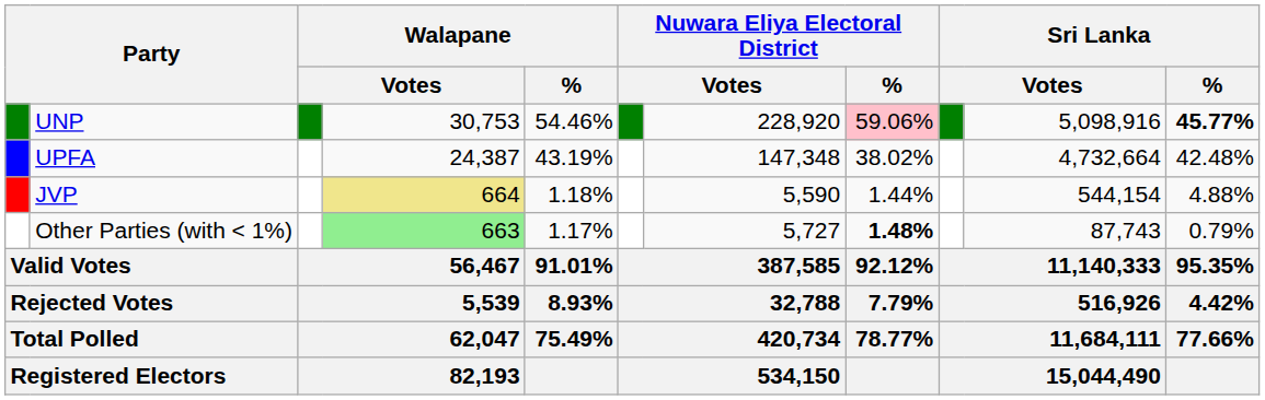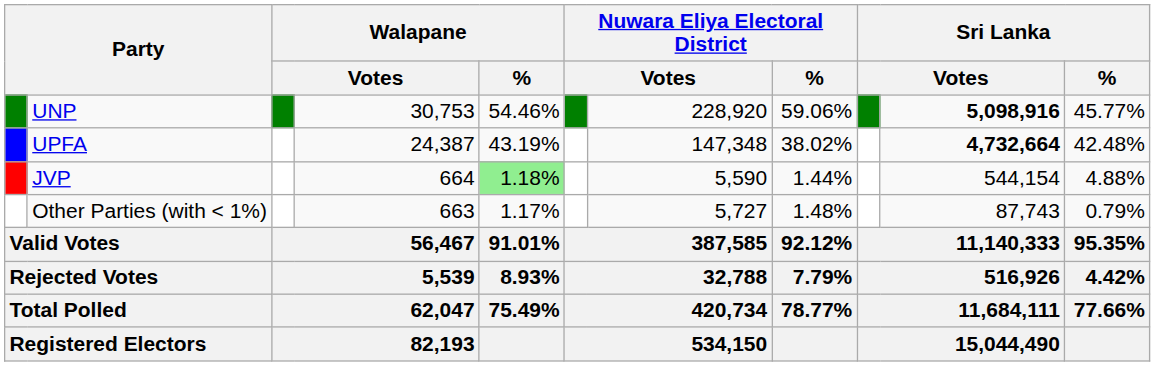 <table class="wikitable">
 <tr>
 <th colspan="2" width="144px"rowspan="2">Party</th>
 <th colspan="3" width="216px">Walapane</th>
 <th colspan="3" width="216px"><a href='#'>Nuwara Eliya Electoral District</a></th>
 <th colspan="3" width="216px">Sri Lanka</th>
 </tr>
 <tr>
 <th colspan="2" width="144px">Votes</th>
 <th>%</th>
 <th colspan="2" width="144px">Votes</th>
 <th>%</th>
 <th colspan="2" width="144px">Votes</th>
 <th>%</th>
 </tr>
 <tr>
 <td style="background-color:green;" width="10px"></td>
 <td style="text-align:left;"><a href='#'>UNP</a></td>
 <td style="background-color:green;" width="10px"></td>
 <td style="text-align:right;">30,753</td>
 <td style="text-align:right;">54.46%</td>
 <td style="background-color:green;" width="10px"></td>
 <td style="text-align:right;">228,920</td>
-<td style="background: pink; text-align:right;">59.06%</td>
+<td style="text-align:right;">59.06%</td>
 <td style="background-color:green;" width="10px"></td>
-<td style="text-align:right;">5,098,916</td>
-<td style="text-align:right;"><strong>45.77%</strong></td>
+<td style="text-align:right;"><strong>5,098,916</strong></td>
+<td style="text-align:right;">45.77%</td>
 </tr>
 <tr>
 <td style="background-color:blue;" width="10px"></td>
 <td style="text-align:left;"><a href='#'>UPFA</a></td>
 <td style="background-color:white;" width="10px"></td>
 <td style="text-align:right;">24,387</td>
 <td style="text-align:right;">43.19%</td>
 <td style="background-color:white;" width="10px"></td>
 <td style="text-align:right;">147,348</td>
 <td style="text-align:right;">38.02%</td>
 <td style="background-color:white;" width="10px"></td>
-<td style="text-align:right;">4,732,664</td>
+<td style="text-align:right;"><strong>4,732,664</strong></td>
 <td style="text-align:right;">42.48%</td>
 </tr>
 <tr>
 <td style="background-color:red;" width="10px"></td>
 <td style="text-align:left;"><a href='#'>JVP</a></td>
 <td style="background-color:white;" width="10px"></td>
-<td style="background: khaki; text-align:right;">664</td>
-<td style="text-align:right;">1.18%</td>
+<td style="text-align:right;">664</td>
+<td style="background: lightgreen; text-align:right;">1.18%</td>
 <td style="background-color:white;" width="10px"></td>
 <td style="text-align:right;">5,590</td>
 <td style="text-align:right;">1.44%</td>
 <td style="background-color:white;" width="10px"></td>
 <td style="text-align:right;">544,154</td>
 <td style="text-align:right;">4.88%</td>
 </tr>
 <tr>
 <td style="background-color:white;" width="10px"></td>
 <td style="text-align:left;">Other Parties (with < 1%)</td>
 <td style="background-color:white;" width="10px"></td>
-<td style="background: lightgreen; text-align:right;">663</td>
+<td style="text-align:right;">663</td>
 <td style="text-align:right;">1.17%</td>
 <td style="background-color:white;" width="10px"></td>
 <td style="text-align:right;">5,727</td>
-<td style="text-align:right;"><strong>1.48%</strong></td>
+<td style="text-align:right;">1.48%</td>
 <td style="background-color:white;" width="10px"></td>
 <td style="text-align:right;">87,743</td>
 <td style="text-align:right;">0.79%</td>
 </tr>
 <tr>
 <th colspan="2" width="144px"style="text-align:left;">Valid Votes</th>
 <th style="text-align:right;"colspan="2" width="144px">56,467</th>
 <th style="text-align:right;">91.01%</th>
 <th style="text-align:right;"colspan="2" width="144px">387,585</th>
 <th style="text-align:right;">92.12%</th>
 <th style="text-align:right;"colspan="2" width="144px">11,140,333</th>
 <th style="text-align:right;">95.35%</th>
 </tr>
 <tr>
 <th colspan="2" width="144px"style="text-align:left;">Rejected Votes</th>
 <th style="text-align:right;"colspan="2" width="144px">5,539</th>
 <th style="text-align:right;">8.93%</th>
 <th style="text-align:right;"colspan="2" width="144px">32,788</th>
 <th style="text-align:right;">7.79%</th>
 <th style="text-align:right;"colspan="2" width="144px">516,926</th>
 <th style="text-align:right;">4.42%</th>
 </tr>
 <tr>
 <th colspan="2" width="144px"style="text-align:left;">Total Polled</th>
 <th style="text-align:right;"colspan="2" width="144px">62,047</th>
 <th style="text-align:right;">75.49%</th>
 <th style="text-align:right;"colspan="2" width="144px">420,734</th>
 <th style="text-align:right;">78.77%</th>
 <th style="text-align:right;"colspan="2" width="144px">11,684,111</th>
 <th style="text-align:right;">77.66%</th>
 </tr>
 <tr>
 <th colspan="2" width="144px"style="text-align:left;">Registered Electors</th>
 <th style="text-align:right;"colspan="2" width="144px">82,193</th>
 <th></th>
 <th style="text-align:right;"colspan="2" width="144px">534,150</th>
 <th></th>
 <th style="text-align:right;"colspan="2" width="144px">15,044,490</th>
 <th></th>
 </tr>
 </table>
